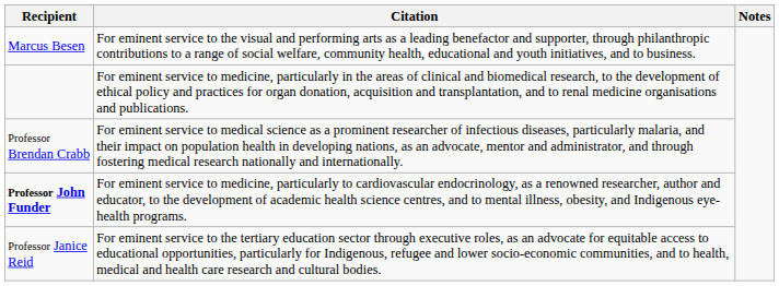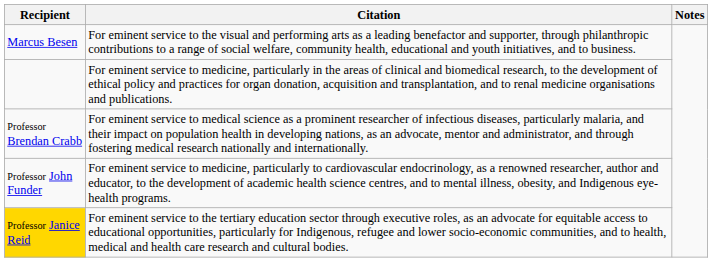 <table class="wikitable" style="font-size:95%;">
 <tr>
 <th>Recipient</th>
 <th>Citation</th>
 <th>Notes</th>
 </tr>
 <tr>
 <td><a href='#'>Marcus Besen</a> </td>
 <td>For eminent service to the visual and performing arts as a leading benefactor and supporter, through philanthropic contributions to a range of social welfare, community health, educational and youth initiatives, and to business.</td>
 <td rowspan=5></td>
 </tr>
 <tr>
 <td></td>
 <td>For eminent service to medicine, particularly in the areas of clinical and biomedical research, to the development of ethical policy and practices for organ donation, acquisition and transplantation, and to renal medicine organisations and publications.</td>
 </tr>
 <tr>
 <td><small>Professor</small> <a href='#'>Brendan Crabb</a></td>
 <td>For eminent service to medical science as a prominent researcher of infectious diseases, particularly malaria, and their impact on population health in developing nations, as an advocate, mentor and administrator, and through fostering medical research nationally and internationally.</td>
 </tr>
 <tr>
-<td><strong><small>Professor</small> <a href='#'>John Funder</a> </strong></td>
+<td><small>Professor</small> <a href='#'>John Funder</a> </td>
 <td>For eminent service to medicine, particularly to cardiovascular endocrinology, as a renowned researcher, author and educator, to the development of academic health science centres, and to mental illness, obesity, and Indigenous eye-health programs.</td>
 </tr>
 <tr>
-<td><small>Professor</small> <a href='#'>Janice Reid</a> </td>
+<td style="background: gold;"><small>Professor</small> <a href='#'>Janice Reid</a> </td>
 <td>For eminent service to the tertiary education sector through executive roles, as an advocate for equitable access to educational opportunities, particularly for Indigenous, refugee and lower socio-economic communities, and to health, medical and health care research and cultural bodies.</td>
 </tr>
 </table>
